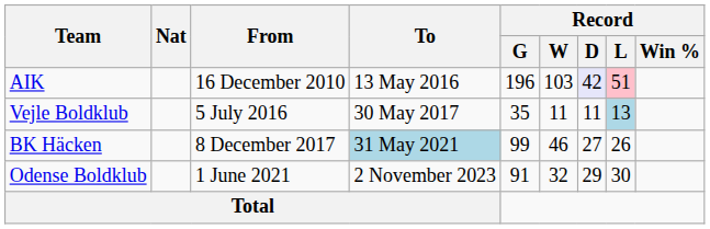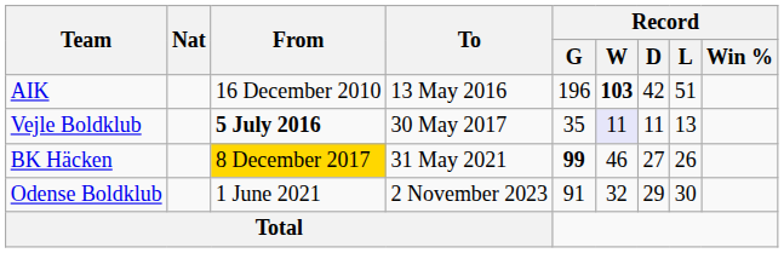 <table class="wikitable" style="text-align: center">
 <tr>
 <th rowspan="2">Team</th>
 <th rowspan="2">Nat</th>
 <th rowspan="2">From</th>
 <th rowspan="2">To</th>
 <th colspan="5">Record</th>
 </tr>
 <tr>
 <th>G</th>
 <th>W</th>
 <th>D</th>
 <th>L</th>
 <th>Win %</th>
 </tr>
 <tr>
 <td align=left><a href='#'>AIK</a></td>
 <td></td>
 <td align=left>16 December 2010</td>
 <td align=left>13 May 2016</td>
 <td>196</td>
-<td>103</td>
-<td style="background: lavender;">42</td>
-<td style="background: pink;">51</td>
+<td><strong>103</strong></td>
+<td>42</td>
+<td>51</td>
 <td></td>
 </tr>
 <tr>
 <td align=left><a href='#'>Vejle Boldklub</a></td>
 <td></td>
-<td align=left>5 July 2016</td>
+<td align=left><strong>5 July 2016</strong></td>
 <td align=left>30 May 2017</td>
 <td>35</td>
+<td style="background: lavender;">11</td>
 <td>11</td>
-<td>11</td>
-<td style="background: lightblue;">13</td>
+<td>13</td>
 <td></td>
 </tr>
 <tr>
 <td align=left><a href='#'>BK Häcken</a></td>
 <td></td>
-<td align=left>8 December 2017</td>
-<td align=left style="background: lightblue;">31 May 2021</td>
-<td>99</td>
+<td align=left style="background: gold;">8 December 2017</td>
+<td align=left>31 May 2021</td>
+<td><strong>99</strong></td>
 <td>46</td>
 <td>27</td>
 <td>26</td>
 <td></td>
 </tr>
 <tr>
 <td align=left><a href='#'>Odense Boldklub</a></td>
 <td></td>
 <td align=left>1 June 2021</td>
 <td align=left>2 November 2023</td>
 <td>91</td>
 <td>32</td>
 <td>29</td>
 <td>30</td>
 <td></td>
 </tr>
 <tr>
 <th colspan="4">Total<br></th>
 </tr>
 </table>
